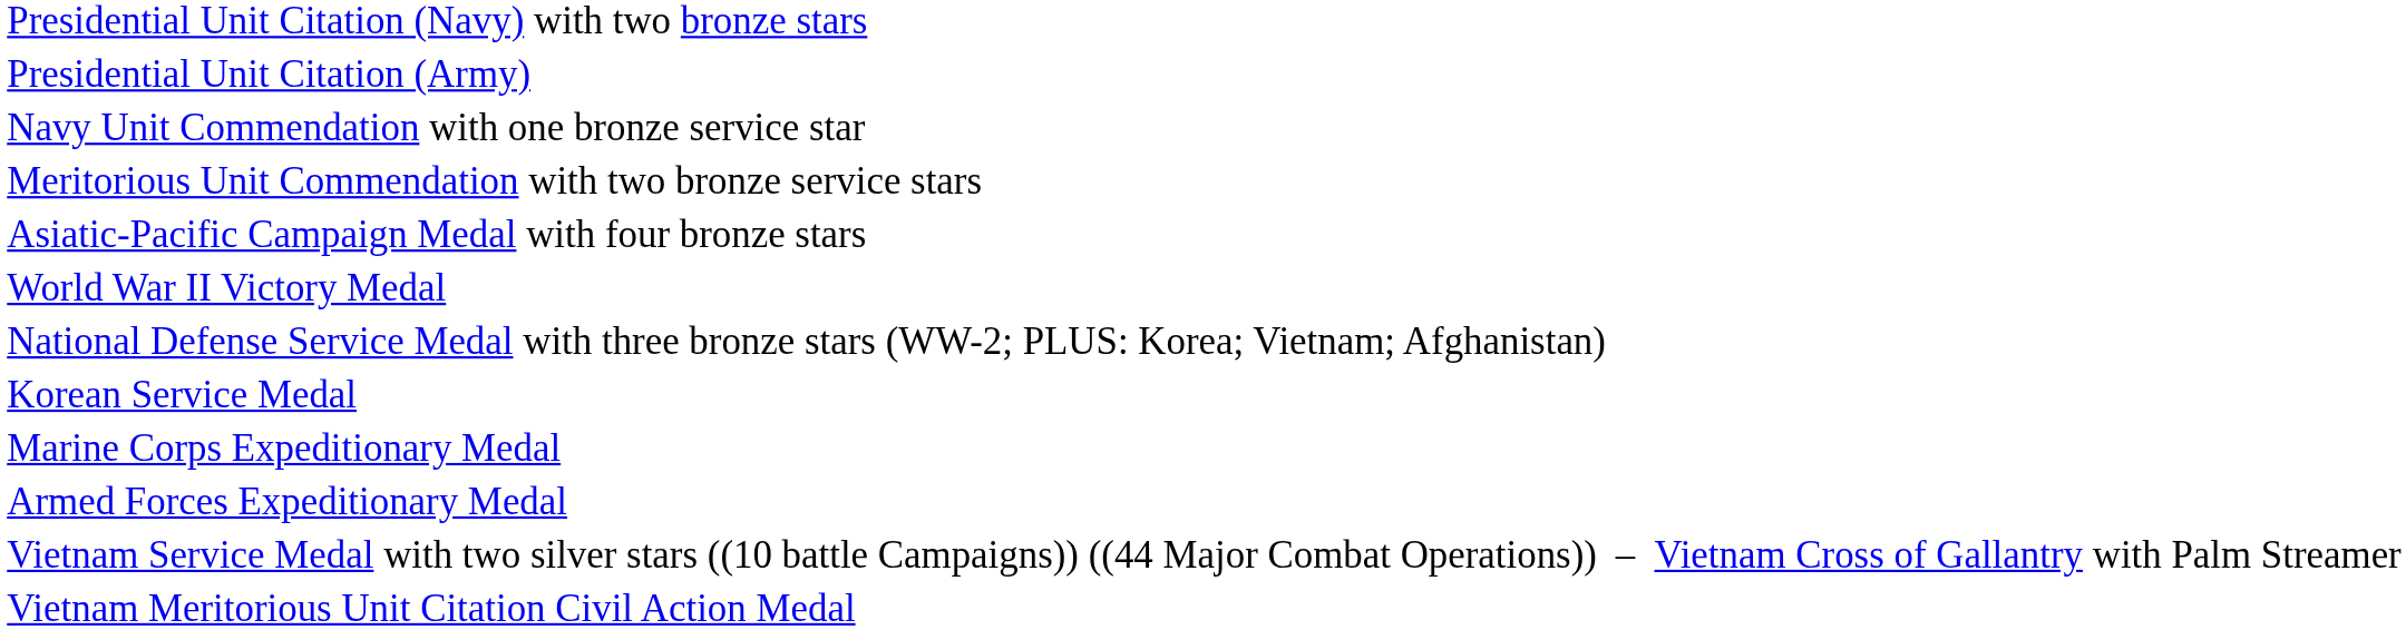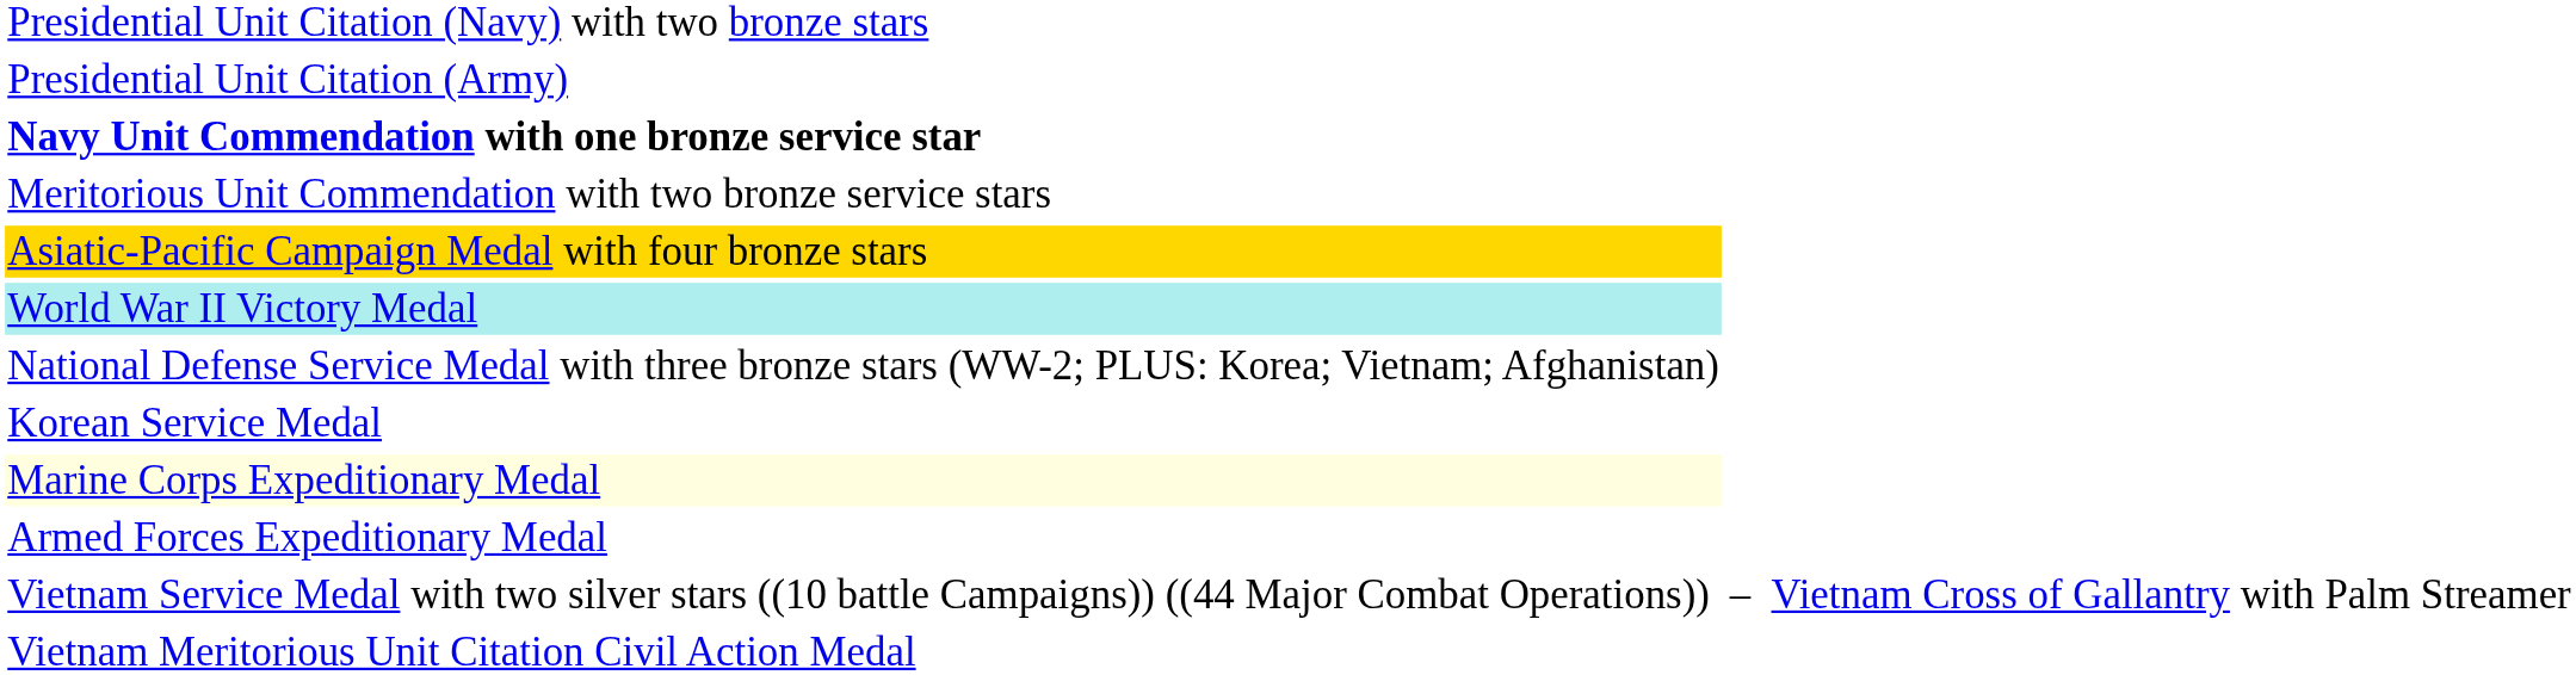 <table>
 <tr>
 <td></td>
 <td><a href='#'>Presidential Unit Citation (Navy)</a> with two <a href='#'>bronze stars</a></td>
 </tr>
 <tr>
 <td></td>
 <td><a href='#'>Presidential Unit Citation (Army)</a></td>
 </tr>
 <tr>
 <td></td>
-<td><a href='#'>Navy Unit Commendation</a> with one bronze service star</td>
+<td><strong><a href='#'>Navy Unit Commendation</a> with one bronze service star</strong></td>
 </tr>
 <tr>
 <td></td>
 <td><a href='#'>Meritorious Unit Commendation</a> with two bronze service stars</td>
 </tr>
 <tr>
 <td></td>
-<td><a href='#'>Asiatic-Pacific Campaign Medal</a> with four bronze stars</td>
+<td style="background: gold;"><a href='#'>Asiatic-Pacific Campaign Medal</a> with four bronze stars</td>
 </tr>
 <tr>
 <td></td>
-<td><a href='#'>World War II Victory Medal</a></td>
+<td style="background: paleturquoise;"><a href='#'>World War II Victory Medal</a></td>
 </tr>
 <tr>
 <td></td>
 <td><a href='#'>National Defense Service Medal</a> with three bronze stars (WW-2; PLUS: Korea; Vietnam; Afghanistan)</td>
 </tr>
 <tr>
 <td></td>
 <td><a href='#'>Korean Service Medal</a></td>
 </tr>
 <tr>
 <td></td>
-<td><a href='#'>Marine Corps Expeditionary Medal</a></td>
+<td style="background: lightyellow;"><a href='#'>Marine Corps Expeditionary Medal</a></td>
 </tr>
 <tr>
 <td></td>
 <td><a href='#'>Armed Forces Expeditionary Medal</a></td>
 </tr>
 <tr>
 <td></td>
 <td><a href='#'>Vietnam Service Medal</a> with two silver stars ((10 battle Campaigns)) ((44 Major Combat Operations))</td>
 <td>–</td>
 <td></td>
 <td><a href='#'>Vietnam Cross of Gallantry</a> with Palm Streamer</td>
 </tr>
 <tr>
 <td></td>
 <td><a href='#'>Vietnam Meritorious Unit Citation Civil Action Medal</a></td>
 </tr>
 </table>
